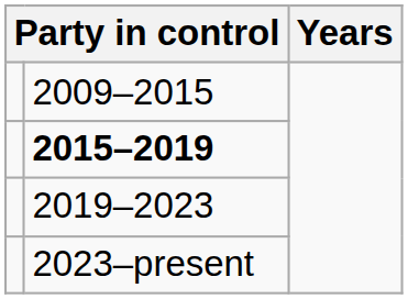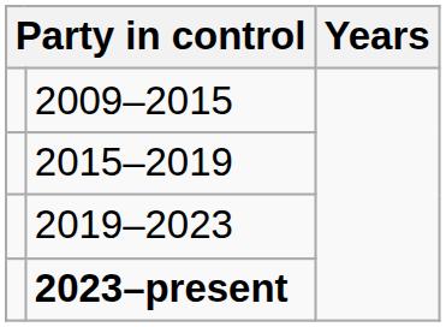 <table class="wikitable">
 <tr>
 <th colspan="2">Party in control</th>
 <th>Years</th>
 </tr>
 <tr>
 <td></td>
 <td>2009–2015</td>
 </tr>
 <tr>
 <td></td>
-<td><strong>2015–2019</strong></td>
+<td>2015–2019</td>
 </tr>
 <tr>
 <td></td>
 <td>2019–2023</td>
 </tr>
 <tr>
 <td></td>
-<td>2023–present</td>
+<td><strong>2023–present</strong></td>
 </tr>
 </table>
